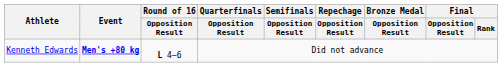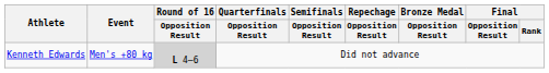 <table class="wikitable" style="font-size:90%">
 <tr>
 <th rowspan="2">Athlete</th>
 <th rowspan="2">Event</th>
 <th>Round of 16</th>
 <th>Quarterfinals</th>
 <th>Semifinals</th>
 <th>Repechage</th>
 <th>Bronze Medal</th>
 <th colspan=2>Final</th>
 </tr>
 <tr style="font-size:95%">
 <th>Opposition<br>Result</th>
 <th>Opposition<br>Result</th>
 <th>Opposition<br>Result</th>
 <th>Opposition<br>Result</th>
 <th>Opposition<br>Result</th>
 <th>Opposition<br>Result</th>
 <th>Rank</th>
 </tr>
 <tr align=center>
 <td align=left><a href='#'>Kenneth Edwards</a></td>
-<td align=left><strong><a href='#'>Men's +80 kg</a></strong></td>
-<td><br><strong>L</strong> 4–6</td>
+<td align=left><a href='#'>Men's +80 kg</a></td>
+<td style="background: lightgrey;"><br><strong>L</strong> 4–6</td>
 <td colspan=6>Did not advance</td>
 </tr>
 </table>
